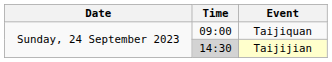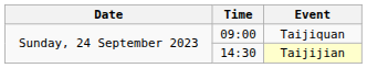 <table class=wikitable style="text-align:center;">
 <tr>
 <th width=220>Date</th>
 <th width=50>Time</th>
 <th width=100>Event</th>
 </tr>
 <tr>
 <td rowspan=2>Sunday, 24 September 2023</td>
 <td>09:00</td>
 <td>Taijiquan</td>
 </tr>
 <tr>
-<td style="background: lightgrey;">14:30</td>
+<td>14:30</td>
 <td bgcolor="ffffcc">Taijijian</td>
 </tr>
 </table>
